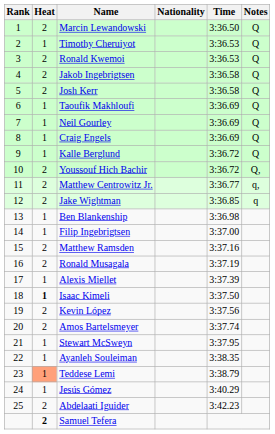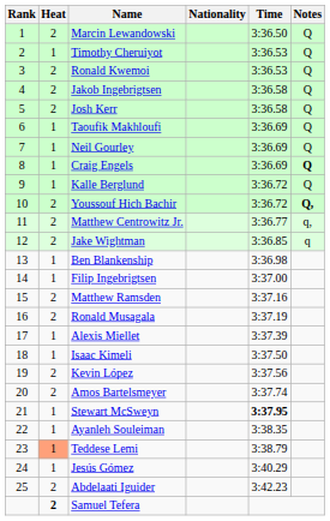 <table class="wikitable sortable" style="text-align:center">
 <tr>
 <th>Rank</th>
 <th>Heat</th>
 <th>Name</th>
 <th>Nationality</th>
 <th>Time</th>
 <th>Notes</th>
 </tr>
 <tr bgcolor=ccffcc>
 <td>1</td>
 <td>2</td>
 <td align=left><a href='#'>Marcin Lewandowski</a></td>
 <td align=left></td>
 <td>3:36.50</td>
 <td>Q</td>
 </tr>
 <tr bgcolor=ccffcc>
 <td>2</td>
 <td>1</td>
 <td align=left><a href='#'>Timothy Cheruiyot</a></td>
 <td align=left></td>
 <td>3:36.53</td>
 <td>Q</td>
 </tr>
 <tr bgcolor=ccffcc>
 <td>3</td>
 <td>2</td>
 <td align=left><a href='#'>Ronald Kwemoi</a></td>
 <td align=left></td>
 <td>3:36.53</td>
 <td>Q</td>
 </tr>
 <tr bgcolor=ccffcc>
 <td>4</td>
 <td>2</td>
 <td align=left><a href='#'>Jakob Ingebrigtsen</a></td>
 <td align=left></td>
 <td>3:36.58</td>
 <td>Q</td>
 </tr>
 <tr bgcolor=ccffcc>
 <td>5</td>
 <td>2</td>
 <td align=left><a href='#'>Josh Kerr</a></td>
 <td align=left></td>
 <td>3:36.58</td>
 <td>Q</td>
 </tr>
 <tr bgcolor=ccffcc>
 <td>6</td>
 <td>1</td>
 <td align=left><a href='#'>Taoufik Makhloufi</a></td>
 <td align=left></td>
 <td>3:36.69</td>
 <td>Q</td>
 </tr>
 <tr bgcolor=ccffcc>
 <td>7</td>
 <td>1</td>
 <td align=left><a href='#'>Neil Gourley</a></td>
 <td align=left></td>
 <td>3:36.69</td>
 <td>Q</td>
 </tr>
 <tr bgcolor=ccffcc>
 <td>8</td>
 <td>1</td>
 <td align=left><a href='#'>Craig Engels</a></td>
 <td align=left></td>
 <td>3:36.69</td>
-<td>Q</td>
+<td><strong>Q</strong></td>
 </tr>
 <tr bgcolor=ccffcc>
 <td>9</td>
 <td>1</td>
 <td align=left><a href='#'>Kalle Berglund</a></td>
 <td align=left></td>
 <td>3:36.72</td>
 <td>Q</td>
 </tr>
 <tr bgcolor=ccffcc>
 <td>10</td>
 <td>2</td>
 <td align=left><a href='#'>Youssouf Hich Bachir</a></td>
 <td align=left></td>
 <td>3:36.72</td>
-<td>Q, </td>
+<td><strong>Q, </strong></td>
 </tr>
 <tr bgcolor=ddffdd>
 <td>11</td>
 <td>2</td>
 <td align=left><a href='#'>Matthew Centrowitz Jr.</a></td>
 <td align=left></td>
 <td>3:36.77</td>
 <td>q, </td>
 </tr>
 <tr bgcolor=ddffdd>
 <td>12</td>
 <td>2</td>
 <td align=left><a href='#'>Jake Wightman</a></td>
 <td align=left></td>
 <td>3:36.85</td>
 <td>q</td>
 </tr>
 <tr>
 <td>13</td>
 <td>1</td>
 <td align=left><a href='#'>Ben Blankenship</a></td>
 <td align=left></td>
 <td>3:36.98</td>
 <td></td>
 </tr>
 <tr>
 <td>14</td>
 <td>1</td>
 <td align=left><a href='#'>Filip Ingebrigtsen</a></td>
 <td align=left></td>
 <td>3:37.00</td>
 <td></td>
 </tr>
 <tr>
 <td>15</td>
 <td>2</td>
 <td align=left><a href='#'>Matthew Ramsden</a></td>
 <td align=left></td>
 <td>3:37.16</td>
 <td></td>
 </tr>
 <tr>
 <td>16</td>
 <td>2</td>
 <td align=left><a href='#'>Ronald Musagala</a></td>
 <td align=left></td>
 <td>3:37.19</td>
 <td></td>
 </tr>
 <tr>
 <td>17</td>
 <td>1</td>
 <td align=left><a href='#'>Alexis Miellet</a></td>
 <td align=left></td>
 <td>3:37.39</td>
 <td></td>
 </tr>
 <tr>
 <td>18</td>
-<td><strong>1</strong></td>
+<td>1</td>
 <td align=left><a href='#'>Isaac Kimeli</a></td>
 <td align=left></td>
 <td>3:37.50</td>
 <td></td>
 </tr>
 <tr>
 <td>19</td>
 <td>2</td>
 <td align=left><a href='#'>Kevin López</a></td>
 <td align=left></td>
 <td>3:37.56</td>
 <td></td>
 </tr>
 <tr>
 <td>20</td>
 <td>2</td>
 <td align=left><a href='#'>Amos Bartelsmeyer</a></td>
 <td align=left></td>
 <td>3:37.74</td>
 <td></td>
 </tr>
 <tr>
 <td>21</td>
 <td>1</td>
 <td align=left><a href='#'>Stewart McSweyn</a></td>
 <td align=left></td>
-<td>3:37.95</td>
+<td><strong>3:37.95</strong></td>
 <td></td>
 </tr>
 <tr>
 <td>22</td>
 <td>1</td>
 <td align=left><a href='#'>Ayanleh Souleiman</a></td>
 <td align=left></td>
 <td>3:38.35</td>
 <td></td>
 </tr>
 <tr>
 <td>23</td>
 <td style="background: lightsalmon;">1</td>
 <td align=left><a href='#'>Teddese Lemi</a></td>
 <td align=left></td>
 <td>3:38.79</td>
 <td></td>
 </tr>
 <tr>
 <td>24</td>
 <td>1</td>
 <td align=left><a href='#'>Jesús Gómez</a></td>
 <td align=left></td>
 <td>3:40.29</td>
 <td></td>
 </tr>
 <tr>
 <td>25</td>
 <td>2</td>
 <td align=left><a href='#'>Abdelaati Iguider</a></td>
 <td align=left></td>
 <td>3:42.23</td>
 <td></td>
 </tr>
 <tr>
 <td></td>
 <td><strong>2</strong></td>
 <td align=left><a href='#'>Samuel Tefera</a></td>
 <td align=left></td>
 <td colspan=2></td>
 </tr>
 </table>
